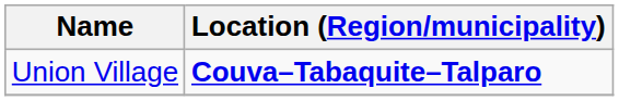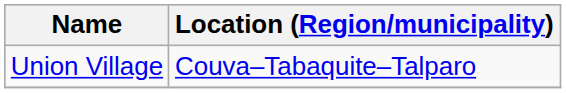 <table class="wikitable">
 <tr>
 <th>Name</th>
 <th>Location (<a href='#'>Region/municipality</a>)</th>
 </tr>
 <tr>
 <td><a href='#'>Union Village</a></td>
-<td><strong><a href='#'>Couva–Tabaquite–Talparo</a></strong></td>
+<td><a href='#'>Couva–Tabaquite–Talparo</a></td>
 </tr>
 <tr>
 </tr>
 </table>
